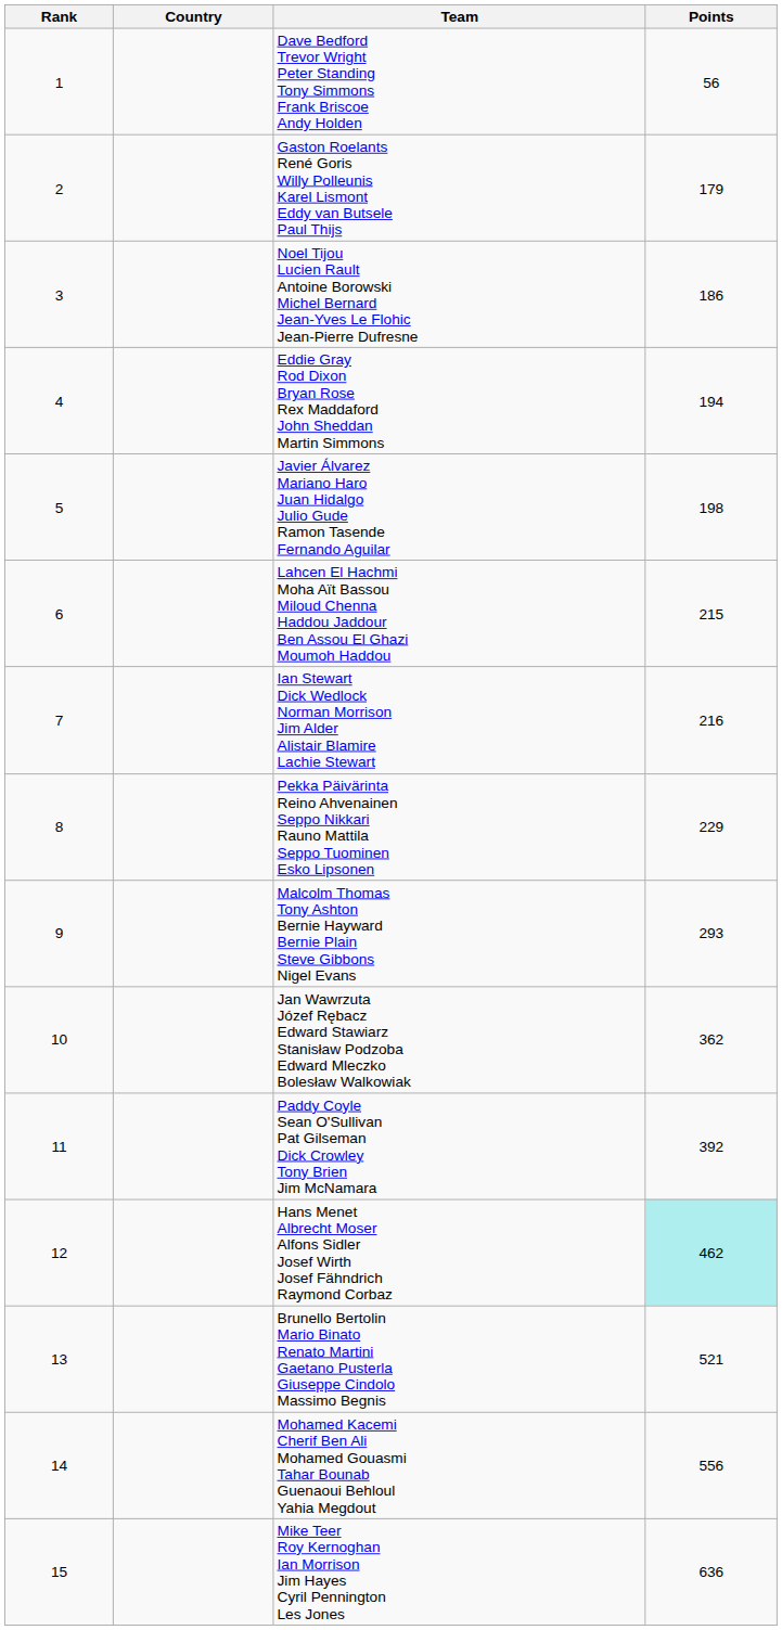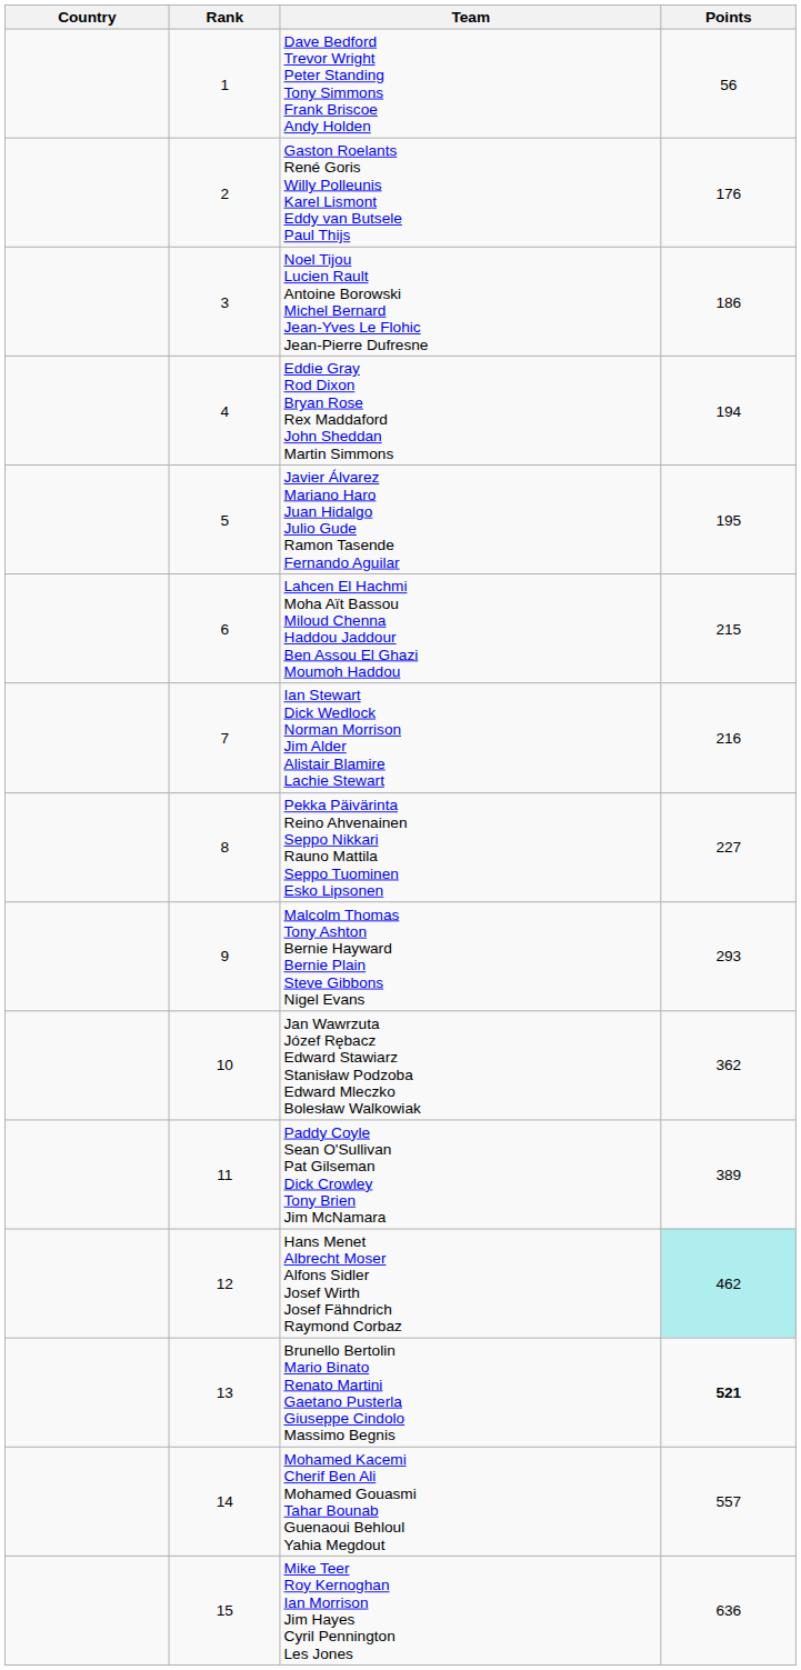 <table class="wikitable sortable" style=" text-align:center; font-size:95%;" width="50%">
 <tr>
+<th>Country</th>
 <th>Rank</th>
-<th>Country</th>
 <th>Team</th>
 <th>Points</th>
 </tr>
 <tr>
+<td align=left></td>
 <td align=center>1</td>
-<td align=left></td>
 <td align=left><a href='#'>Dave Bedford</a><br><a href='#'>Trevor Wright</a><br><a href='#'>Peter Standing</a><br><a href='#'>Tony Simmons</a><br><a href='#'>Frank Briscoe</a><br><a href='#'>Andy Holden</a></td>
 <td>56</td>
 </tr>
 <tr>
+<td align=left></td>
 <td align=center>2</td>
-<td align=left></td>
 <td align=left><a href='#'>Gaston Roelants</a><br>René Goris<br><a href='#'>Willy Polleunis</a><br><a href='#'>Karel Lismont</a><br><a href='#'>Eddy van Butsele</a><br><a href='#'>Paul Thijs</a></td>
-<td>179</td>
+<td>176</td>
 </tr>
 <tr>
+<td align=left></td>
 <td align=center>3</td>
-<td align=left></td>
 <td align=left><a href='#'>Noel Tijou</a><br><a href='#'>Lucien Rault</a><br>Antoine Borowski<br><a href='#'>Michel Bernard</a><br><a href='#'>Jean-Yves Le Flohic</a><br>Jean-Pierre Dufresne</td>
 <td>186</td>
 </tr>
 <tr>
+<td align=left></td>
 <td align=center>4</td>
-<td align=left></td>
 <td align=left><a href='#'>Eddie Gray</a><br><a href='#'>Rod Dixon</a><br><a href='#'>Bryan Rose</a><br>Rex Maddaford<br><a href='#'>John Sheddan</a><br>Martin Simmons</td>
 <td>194</td>
 </tr>
 <tr>
+<td align=left></td>
 <td align=center>5</td>
-<td align=left></td>
 <td align=left><a href='#'>Javier Álvarez</a><br><a href='#'>Mariano Haro</a><br><a href='#'>Juan Hidalgo</a><br><a href='#'>Julio Gude</a><br>Ramon Tasende<br><a href='#'>Fernando Aguilar</a></td>
-<td>198</td>
+<td>195</td>
 </tr>
 <tr>
+<td align=left></td>
 <td align=center>6</td>
-<td align=left></td>
 <td align=left><a href='#'>Lahcen El Hachmi</a><br>Moha Aït Bassou<br><a href='#'>Miloud Chenna</a><br><a href='#'>Haddou Jaddour</a><br><a href='#'>Ben Assou El Ghazi</a><br><a href='#'>Moumoh Haddou</a></td>
 <td>215</td>
 </tr>
 <tr>
+<td align=left></td>
 <td align=center>7</td>
-<td align=left></td>
 <td align=left><a href='#'>Ian Stewart</a><br><a href='#'>Dick Wedlock</a><br><a href='#'>Norman Morrison</a><br><a href='#'>Jim Alder</a><br><a href='#'>Alistair Blamire</a><br><a href='#'>Lachie Stewart</a></td>
 <td>216</td>
 </tr>
 <tr>
+<td align=left></td>
 <td align=center>8</td>
-<td align=left></td>
 <td align=left><a href='#'>Pekka Päivärinta</a><br>Reino Ahvenainen<br><a href='#'>Seppo Nikkari</a><br>Rauno Mattila<br><a href='#'>Seppo Tuominen</a><br><a href='#'>Esko Lipsonen</a></td>
-<td>229</td>
+<td>227</td>
 </tr>
 <tr>
+<td align=left></td>
 <td align=center>9</td>
-<td align=left></td>
 <td align=left><a href='#'>Malcolm Thomas</a><br><a href='#'>Tony Ashton</a><br>Bernie Hayward<br><a href='#'>Bernie Plain</a><br><a href='#'>Steve Gibbons</a><br>Nigel Evans</td>
 <td>293</td>
 </tr>
 <tr>
+<td align=left></td>
 <td align=center>10</td>
-<td align=left></td>
 <td align=left>Jan Wawrzuta<br>Józef Rębacz<br>Edward Stawiarz<br>Stanisław Podzoba<br>Edward Mleczko<br>Bolesław Walkowiak</td>
 <td>362</td>
 </tr>
 <tr>
+<td align=left></td>
 <td align=center>11</td>
-<td align=left></td>
 <td align=left><a href='#'>Paddy Coyle</a><br>Sean O'Sullivan<br>Pat Gilseman<br><a href='#'>Dick Crowley</a><br><a href='#'>Tony Brien</a><br>Jim McNamara</td>
-<td>392</td>
+<td>389</td>
 </tr>
 <tr>
+<td align=left></td>
 <td align=center>12</td>
-<td align=left></td>
 <td align=left>Hans Menet<br><a href='#'>Albrecht Moser</a><br>Alfons Sidler<br>Josef Wirth<br>Josef Fähndrich<br>Raymond Corbaz</td>
 <td style="background: paleturquoise;">462</td>
 </tr>
 <tr>
+<td align=left></td>
 <td align=center>13</td>
-<td align=left></td>
 <td align=left>Brunello Bertolin<br><a href='#'>Mario Binato</a><br><a href='#'>Renato Martini</a><br><a href='#'>Gaetano Pusterla</a><br><a href='#'>Giuseppe Cindolo</a><br>Massimo Begnis</td>
-<td>521</td>
+<td><strong>521</strong></td>
 </tr>
 <tr>
+<td align=left></td>
 <td align=center>14</td>
-<td align=left></td>
 <td align=left><a href='#'>Mohamed Kacemi</a><br><a href='#'>Cherif Ben Ali</a><br>Mohamed Gouasmi<br><a href='#'>Tahar Bounab</a><br>Guenaoui Behloul<br>Yahia Megdout</td>
-<td>556</td>
+<td>557</td>
 </tr>
 <tr>
+<td align=left></td>
 <td align=center>15</td>
-<td align=left></td>
 <td align=left><a href='#'>Mike Teer</a><br><a href='#'>Roy Kernoghan</a><br><a href='#'>Ian Morrison</a><br>Jim Hayes<br>Cyril Pennington<br>Les Jones</td>
 <td>636</td>
 </tr>
 </table>
